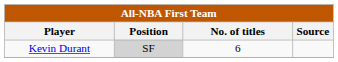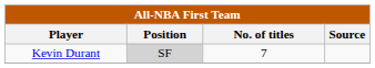 <table class="wikitable" style="text-align:center">
 <tr>
 <td colspan="5" style= "background: #BF5700; color:white"><strong>All-NBA First Team</strong></td>
 </tr>
 <tr>
 <th style="width:150px; ">Player</th>
 <th style="width:90px; ">Position</th>
 <th style="width:150px; ">No. of titles</th>
 <th style="width:50px; ">Source</th>
 </tr>
 <tr>
 <td><a href='#'>Kevin Durant</a></td>
 <td style="background: lightgrey;">SF</td>
-<td>6</td>
+<td>7</td>
 <td></td>
 </tr>
 <tr>
 </tr>
 </table>
